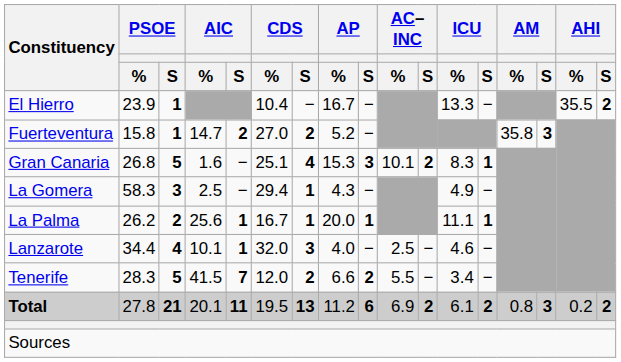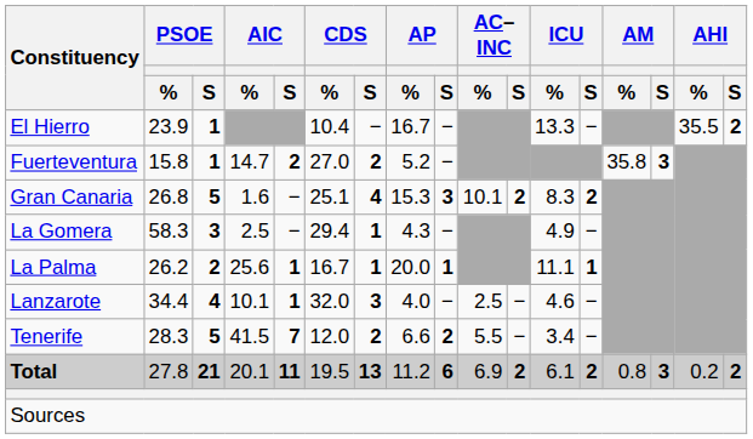 <table class="wikitable sortable" style="text-align:right; line-height:20px;">
 <tr>
 <th rowspan="3">Constituency</th>
 <th colspan="2" width="30px" class="unsortable"><a href='#'>PSOE</a></th>
 <th colspan="2" width="30px" class="unsortable"><a href='#'>AIC</a></th>
 <th colspan="2" width="30px" class="unsortable"><a href='#'>CDS</a></th>
 <th colspan="2" width="30px" class="unsortable"><a href='#'>AP</a></th>
 <th colspan="2" width="30px" class="unsortable"><a href='#'>AC</a>–<a href='#'>INC</a></th>
 <th colspan="2" width="30px" class="unsortable"><a href='#'>ICU</a></th>
 <th colspan="2" width="30px" class="unsortable"><a href='#'>AM</a></th>
 <th colspan="2" width="30px" class="unsortable"><a href='#'>AHI</a></th>
 </tr>
 <tr>
 <th colspan="2" style="background:"></th>
 <th colspan="2" style="background:"></th>
 <th colspan="2" style="background:"></th>
 <th colspan="2" style="background:"></th>
 <th colspan="2" style="background:"></th>
 <th colspan="2" style="background:"></th>
 <th colspan="2" style="background:"></th>
 <th colspan="2" style="background:"></th>
 </tr>
 <tr>
 <th data-sort-type="number">%</th>
 <th data-sort-type="number">S</th>
 <th data-sort-type="number">%</th>
 <th data-sort-type="number">S</th>
 <th data-sort-type="number">%</th>
 <th data-sort-type="number">S</th>
 <th data-sort-type="number">%</th>
 <th data-sort-type="number">S</th>
 <th data-sort-type="number">%</th>
 <th data-sort-type="number">S</th>
 <th data-sort-type="number">%</th>
 <th data-sort-type="number">S</th>
 <th data-sort-type="number">%</th>
 <th data-sort-type="number">S</th>
 <th data-sort-type="number">%</th>
 <th data-sort-type="number">S</th>
 </tr>
 <tr>
 <td align="left"><a href='#'>El Hierro</a></td>
 <td>23.9</td>
 <td><strong>1</strong></td>
 <td colspan="2" bgcolor="#AAAAAA"></td>
 <td>10.4</td>
 <td>−</td>
 <td>16.7</td>
 <td>−</td>
 <td colspan="2" rowspan="2" bgcolor="#AAAAAA"></td>
 <td>13.3</td>
 <td>−</td>
 <td colspan="2" bgcolor="#AAAAAA"></td>
 <td style="background:">35.5</td>
 <td><strong>2</strong></td>
 </tr>
 <tr>
 <td align="left"><a href='#'>Fuerteventura</a></td>
 <td>15.8</td>
 <td><strong>1</strong></td>
 <td>14.7</td>
 <td><strong>2</strong></td>
 <td>27.0</td>
 <td><strong>2</strong></td>
 <td>5.2</td>
 <td>−</td>
 <td colspan="2" bgcolor="#AAAAAA"></td>
 <td style="background:">35.8</td>
 <td><strong>3</strong></td>
 <td colspan="2" rowspan="6" bgcolor="#AAAAAA"></td>
 </tr>
 <tr>
 <td align="left"><a href='#'>Gran Canaria</a></td>
 <td style="background:">26.8</td>
 <td><strong>5</strong></td>
 <td>1.6</td>
 <td>−</td>
 <td>25.1</td>
 <td><strong>4</strong></td>
 <td>15.3</td>
 <td><strong>3</strong></td>
 <td>10.1</td>
 <td><strong>2</strong></td>
 <td>8.3</td>
-<td><strong>1</strong></td>
+<td><strong>2</strong></td>
 <td colspan="2" rowspan="5" bgcolor="#AAAAAA"></td>
 </tr>
 <tr>
 <td align="left"><a href='#'>La Gomera</a></td>
 <td style="background:">58.3</td>
 <td><strong>3</strong></td>
 <td>2.5</td>
 <td>−</td>
 <td>29.4</td>
 <td><strong>1</strong></td>
 <td>4.3</td>
 <td>−</td>
 <td colspan="2" rowspan="2" bgcolor="#AAAAAA"></td>
 <td>4.9</td>
 <td>−</td>
 </tr>
 <tr>
 <td align="left"><a href='#'>La Palma</a></td>
 <td style="background:">26.2</td>
 <td><strong>2</strong></td>
 <td>25.6</td>
 <td><strong>1</strong></td>
 <td>16.7</td>
 <td><strong>1</strong></td>
 <td>20.0</td>
 <td><strong>1</strong></td>
 <td>11.1</td>
 <td><strong>1</strong></td>
 </tr>
 <tr>
 <td align="left"><a href='#'>Lanzarote</a></td>
 <td style="background:">34.4</td>
 <td><strong>4</strong></td>
 <td>10.1</td>
 <td><strong>1</strong></td>
 <td>32.0</td>
 <td><strong>3</strong></td>
 <td>4.0</td>
 <td>−</td>
 <td>2.5</td>
 <td>−</td>
 <td>4.6</td>
 <td>−</td>
 </tr>
 <tr>
 <td align="left"><a href='#'>Tenerife</a></td>
 <td>28.3</td>
 <td><strong>5</strong></td>
 <td style="background:">41.5</td>
 <td><strong>7</strong></td>
 <td>12.0</td>
 <td><strong>2</strong></td>
 <td>6.6</td>
 <td><strong>2</strong></td>
 <td>5.5</td>
 <td>−</td>
 <td>3.4</td>
 <td>−</td>
 </tr>
 <tr style="background:#CDCDCD;">
 <td align="left"><strong>Total</strong></td>
 <td style="background:">27.8</td>
 <td><strong>21</strong></td>
 <td>20.1</td>
 <td><strong>11</strong></td>
 <td>19.5</td>
 <td><strong>13</strong></td>
 <td>11.2</td>
 <td><strong>6</strong></td>
 <td>6.9</td>
 <td><strong>2</strong></td>
 <td>6.1</td>
 <td><strong>2</strong></td>
 <td>0.8</td>
 <td><strong>3</strong></td>
 <td>0.2</td>
 <td><strong>2</strong></td>
 </tr>
 <tr>
 <th colspan="17"></th>
 </tr>
 <tr>
 <th style="text-align:left; font-weight:normal; background:#F9F9F9" colspan="17">Sources</th>
 </tr>
 </table>
